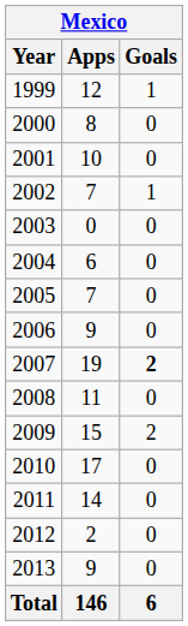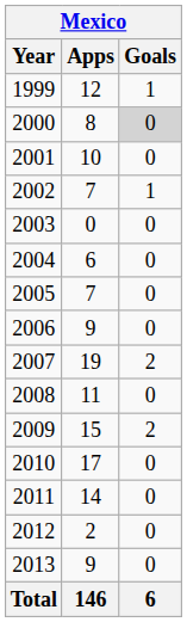 <table class="wikitable" style="text-align:center">
 <tr>
 <th colspan=3><a href='#'>Mexico</a></th>
 </tr>
 <tr>
 <th>Year</th>
 <th>Apps</th>
 <th>Goals</th>
 </tr>
 <tr>
 <td>1999</td>
 <td>12</td>
 <td>1</td>
 </tr>
 <tr>
 <td>2000</td>
 <td>8</td>
-<td>0</td>
+<td style="background: lightgrey;">0</td>
 </tr>
 <tr>
 <td>2001</td>
 <td>10</td>
 <td>0</td>
 </tr>
 <tr>
 <td>2002</td>
 <td>7</td>
 <td>1</td>
 </tr>
 <tr>
 <td>2003</td>
 <td>0</td>
 <td>0</td>
 </tr>
 <tr>
 <td>2004</td>
 <td>6</td>
 <td>0</td>
 </tr>
 <tr>
 <td>2005</td>
 <td>7</td>
 <td>0</td>
 </tr>
 <tr>
 <td>2006</td>
 <td>9</td>
 <td>0</td>
 </tr>
 <tr>
 <td>2007</td>
 <td>19</td>
-<td><strong>2</strong></td>
+<td>2</td>
 </tr>
 <tr>
 <td>2008</td>
 <td>11</td>
 <td>0</td>
 </tr>
 <tr>
 <td>2009</td>
 <td>15</td>
 <td>2</td>
 </tr>
 <tr>
 <td>2010</td>
 <td>17</td>
 <td>0</td>
 </tr>
 <tr>
 <td>2011</td>
 <td>14</td>
 <td>0</td>
 </tr>
 <tr>
 <td>2012</td>
 <td>2</td>
 <td>0</td>
 </tr>
 <tr>
 <td>2013</td>
 <td>9</td>
 <td>0</td>
 </tr>
 <tr>
 <th>Total</th>
 <th>146</th>
 <th>6</th>
 </tr>
 </table>
